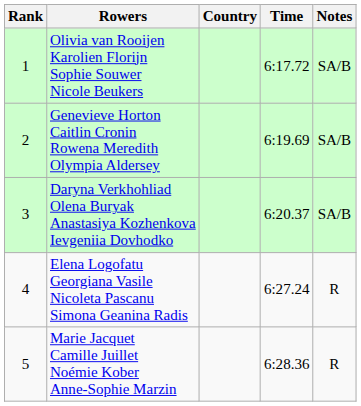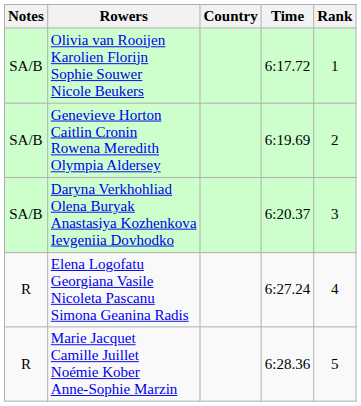 <table class="wikitable" style="text-align:center">
 <tr>
-<th>Rank</th>
+<th>Notes</th>
 <th>Rowers</th>
 <th>Country</th>
 <th>Time</th>
-<th>Notes</th>
+<th>Rank</th>
 </tr>
 <tr bgcolor=ccffcc>
-<td>1</td>
+<td>SA/B</td>
 <td align="left"><a href='#'>Olivia van Rooijen</a><br><a href='#'>Karolien Florijn</a><br><a href='#'>Sophie Souwer</a><br><a href='#'>Nicole Beukers</a></td>
 <td align="left"></td>
 <td>6:17.72</td>
-<td>SA/B</td>
+<td>1</td>
 </tr>
 <tr bgcolor=ccffcc>
-<td>2</td>
+<td>SA/B</td>
 <td align="left"><a href='#'>Genevieve Horton</a><br><a href='#'>Caitlin Cronin</a><br><a href='#'>Rowena Meredith</a><br><a href='#'>Olympia Aldersey</a></td>
 <td align="left"></td>
 <td>6:19.69</td>
-<td>SA/B</td>
+<td>2</td>
 </tr>
 <tr bgcolor=ccffcc>
-<td>3</td>
+<td>SA/B</td>
 <td align="left"><a href='#'>Daryna Verkhohliad</a><br><a href='#'>Olena Buryak</a><br><a href='#'>Anastasiya Kozhenkova</a><br><a href='#'>Ievgeniia Dovhodko</a></td>
 <td align="left"></td>
 <td>6:20.37</td>
-<td>SA/B</td>
+<td>3</td>
 </tr>
 <tr>
-<td>4</td>
+<td>R</td>
 <td align="left"><a href='#'>Elena Logofatu</a><br><a href='#'>Georgiana Vasile</a><br><a href='#'>Nicoleta Pascanu</a><br><a href='#'>Simona Geanina Radis</a></td>
 <td align="left"></td>
 <td>6:27.24</td>
-<td>R</td>
+<td>4</td>
 </tr>
 <tr>
-<td>5</td>
+<td>R</td>
 <td align="left"><a href='#'>Marie Jacquet</a><br><a href='#'>Camille Juillet</a><br><a href='#'>Noémie Kober</a><br><a href='#'>Anne-Sophie Marzin</a></td>
 <td align="left"></td>
 <td>6:28.36</td>
-<td>R</td>
+<td>5</td>
 </tr>
 </table>
